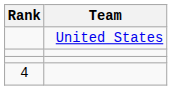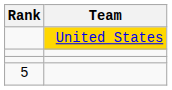 <table class="wikitable sortable" style="text-align:center;">
 <tr>
 <th>Rank</th>
 <th>Team</th>
 </tr>
 <tr>
 <td></td>
-<td align=left> <a href='#'>United States</a></td>
+<td align=left style="background: gold;"> <a href='#'>United States</a></td>
 </tr>
 <tr>
 <td></td>
 <td align=left></td>
 </tr>
 <tr>
 <td></td>
 <td align=left></td>
 </tr>
 <tr>
-<td>4</td>
+<td>5</td>
 <td align=left></td>
 </tr>
 </table>
